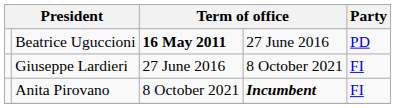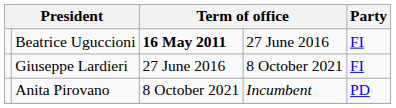 <table class="wikitable">
 <tr>
 <th colspan="2">President</th>
 <th colspan="2">Term of office</th>
 <th>Party</th>
 </tr>
 <tr>
 <td style="background-color: "></td>
 <td>Beatrice Uguccioni</td>
 <td><strong>16 May 2011</strong></td>
 <td>27 June 2016</td>
-<td><a href='#'>PD</a></td>
+<td><a href='#'>FI</a></td>
 </tr>
 <tr>
 <td style="background-color: "></td>
 <td>Giuseppe Lardieri</td>
 <td>27 June 2016</td>
 <td>8 October 2021</td>
 <td><a href='#'>FI</a></td>
 </tr>
 <tr>
 <td style="background-color: "></td>
 <td>Anita Pirovano</td>
 <td>8 October 2021</td>
-<td><strong><em>Incumbent</em></strong></td>
-<td><a href='#'>FI</a></td>
+<td><em>Incumbent</em></td>
+<td><a href='#'>PD</a></td>
 </tr>
 <tr>
 </tr>
 </table>
